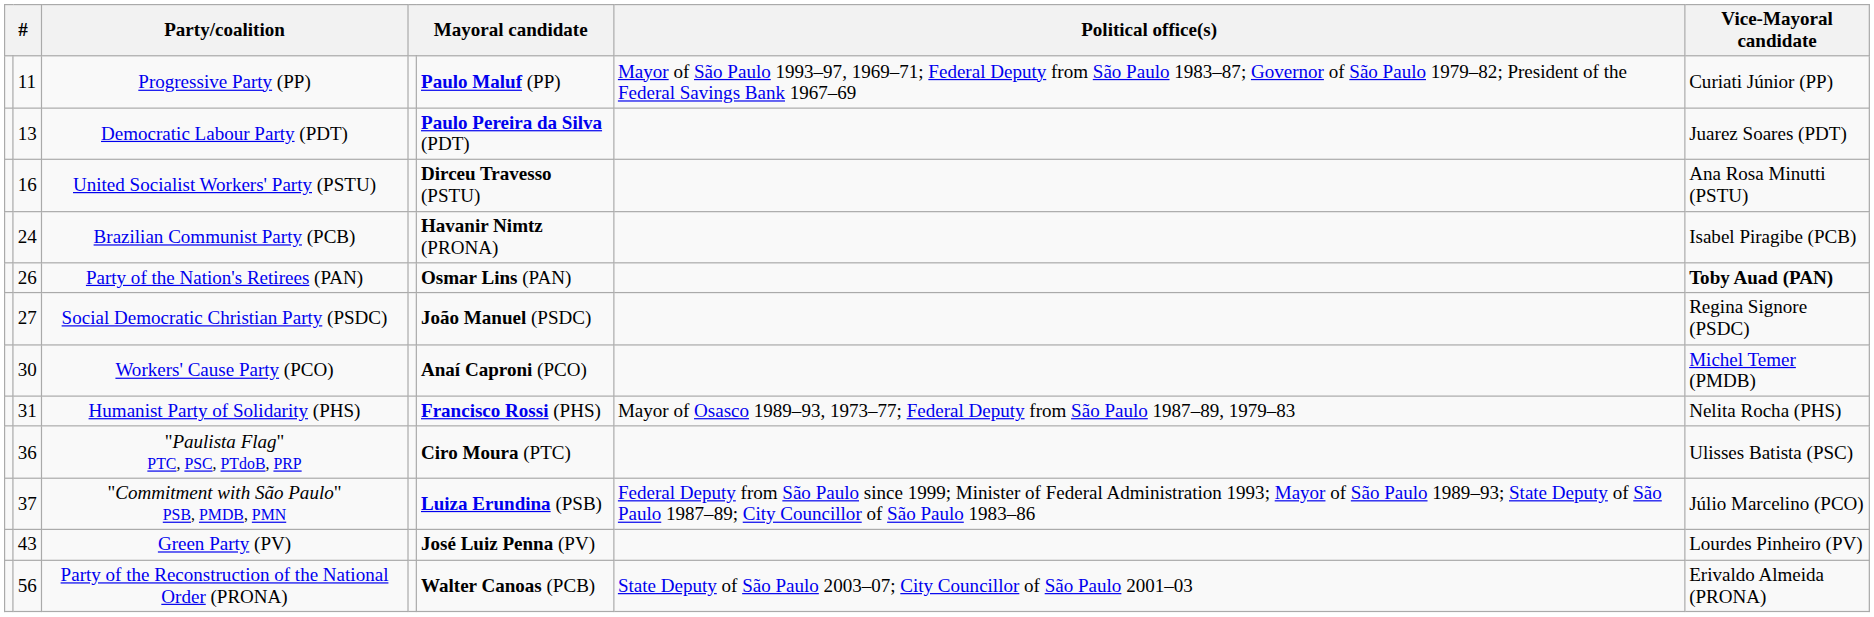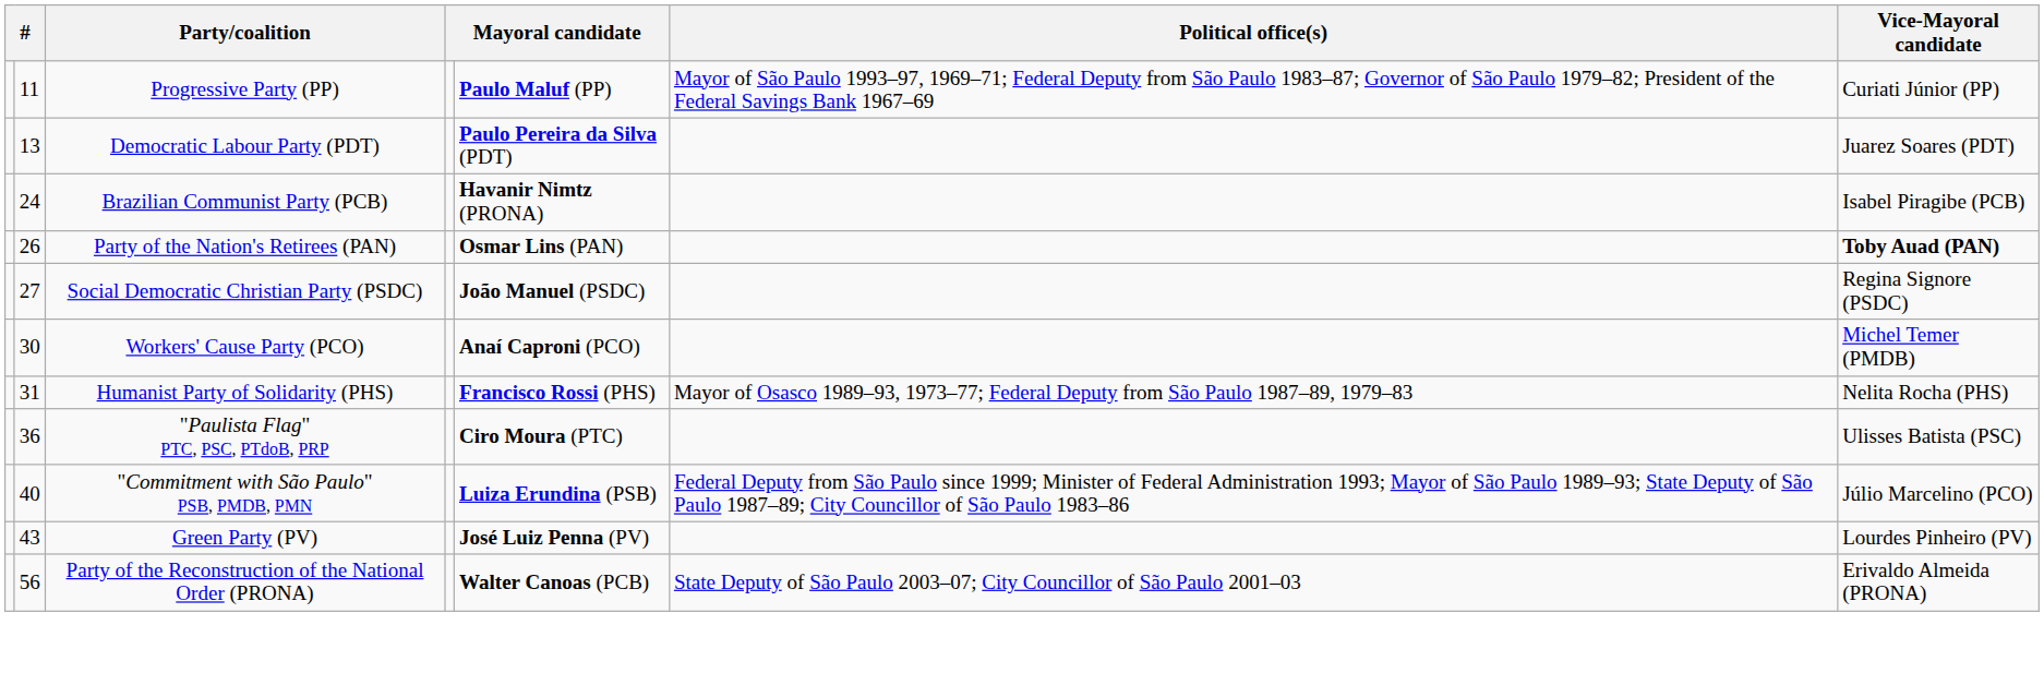 <table class="wikitable">
 <tr>
 <th colspan=2>#</th>
 <th>Party/coalition</th>
 <th colspan=2>Mayoral candidate</th>
 <th>Political office(s)</th>
 <th>Vice-Mayoral candidate</th>
 </tr>
 <tr>
 <td style="background:"></td>
 <td>11</td>
 <td style="text-align:center;"><a href='#'>Progressive Party</a> (PP)</td>
 <td style="text-align:center;"></td>
 <td><strong><a href='#'>Paulo Maluf</a></strong> (PP)</td>
 <td><a href='#'>Mayor</a> of <a href='#'>São Paulo</a> 1993–97, 1969–71; <a href='#'>Federal Deputy</a> from <a href='#'>São Paulo</a> 1983–87; <a href='#'>Governor</a> of <a href='#'>São Paulo</a> 1979–82; President of the <a href='#'>Federal Savings Bank</a> 1967–69</td>
 <td>Curiati Júnior (PP)</td>
 </tr>
 <tr>
 <td style="background:"></td>
 <td>13</td>
 <td style="text-align:center;"><a href='#'>Democratic Labour Party</a> (PDT)</td>
 <td style="text-align:center;"></td>
 <td><strong><a href='#'>Paulo Pereira da Silva</a></strong> (PDT)</td>
 <td></td>
 <td>Juarez Soares (PDT)</td>
-</tr>
-<tr>
-<td style="background:"></td>
-<td>16</td>
-<td style="text-align:center;"><a href='#'>United Socialist Workers' Party</a> (PSTU)</td>
-<td></td>
-<td><strong>Dirceu Travesso</strong> (PSTU)</td>
-<td></td>
-<td>Ana Rosa Minutti (PSTU)</td>
 </tr>
 <tr>
 <td style="background:"></td>
 <td>24</td>
 <td style="text-align:center;"><a href='#'>Brazilian Communist Party</a> (PCB)</td>
 <td></td>
 <td><strong>Havanir Nimtz</strong> (PRONA)</td>
 <td></td>
 <td>Isabel Piragibe (PCB)</td>
 </tr>
 <tr>
 <td style="background:"></td>
 <td>26</td>
 <td style="text-align:center;"><a href='#'>Party of the Nation's Retirees</a> (PAN)</td>
 <td></td>
 <td><strong>Osmar Lins</strong> (PAN)</td>
 <td></td>
 <td><strong>Toby Auad (PAN)</strong></td>
 </tr>
 <tr>
 <td style="background:"></td>
 <td>27</td>
 <td style="text-align:center;"><a href='#'>Social Democratic Christian Party</a> (PSDC)</td>
 <td></td>
 <td><strong>João Manuel</strong> (PSDC)</td>
 <td></td>
 <td>Regina Signore (PSDC)</td>
 </tr>
 <tr>
 <td style="background:"></td>
 <td>30</td>
 <td style="text-align:center;"><a href='#'>Workers' Cause Party</a> (PCO)</td>
 <td></td>
 <td><strong>Anaí Caproni</strong> (PCO)</td>
 <td></td>
 <td><a href='#'>Michel Temer</a> (PMDB)</td>
 </tr>
 <tr>
 <td style="background:"></td>
 <td>31</td>
 <td style="text-align:center;"><a href='#'>Humanist Party of Solidarity</a> (PHS)</td>
 <td style="text-align:center;"></td>
 <td><strong><a href='#'>Francisco Rossi</a></strong> (PHS)</td>
 <td>Mayor of <a href='#'>Osasco</a> 1989–93, 1973–77; <a href='#'>Federal Deputy</a> from <a href='#'>São Paulo</a> 1987–89, 1979–83</td>
 <td>Nelita Rocha (PHS)</td>
 </tr>
 <tr>
 <td style="background:"></td>
 <td>36</td>
 <td style="text-align:center;">"<em>Paulista Flag</em>"<br><small><a href='#'>PTC</a>, <a href='#'>PSC</a>, <a href='#'>PTdoB</a>, <a href='#'>PRP</a></small></td>
 <td></td>
 <td><strong>Ciro Moura</strong> (PTC)</td>
 <td></td>
 <td>Ulisses Batista (PSC)</td>
 </tr>
 <tr>
 <td style="background:"></td>
-<td>37</td>
+<td>40</td>
 <td style="text-align:center;">"<em>Commitment with São Paulo</em>"<br><small><a href='#'>PSB</a>, <a href='#'>PMDB</a>, <a href='#'>PMN</a></small></td>
 <td style="text-align:center;"></td>
 <td><strong><a href='#'>Luiza Erundina</a></strong> (PSB)</td>
 <td><a href='#'>Federal Deputy</a> from <a href='#'>São Paulo</a> since 1999; Minister of Federal Administration 1993; <a href='#'>Mayor</a> of <a href='#'>São Paulo</a> 1989–93; <a href='#'>State Deputy</a> of <a href='#'>São Paulo</a> 1987–89; <a href='#'>City Councillor</a> of <a href='#'>São Paulo</a> 1983–86</td>
 <td>Júlio Marcelino (PCO)</td>
 </tr>
 <tr>
 <td style="background:"></td>
 <td>43</td>
 <td style="text-align:center;"><a href='#'>Green Party</a> (PV)</td>
 <td style="text-align:center;"></td>
 <td><strong>José Luiz Penna</strong> (PV)</td>
 <td></td>
 <td>Lourdes Pinheiro (PV)</td>
 </tr>
 <tr>
 <td style="background:"></td>
 <td>56</td>
 <td style="text-align:center;"><a href='#'>Party of the Reconstruction of the National Order</a> (PRONA)</td>
 <td></td>
 <td><strong>Walter Canoas</strong> (PCB)</td>
 <td><a href='#'>State Deputy</a> of <a href='#'>São Paulo</a> 2003–07; <a href='#'>City Councillor</a> of <a href='#'>São Paulo</a> 2001–03</td>
 <td>Erivaldo Almeida (PRONA)</td>
 </tr>
 </table>
